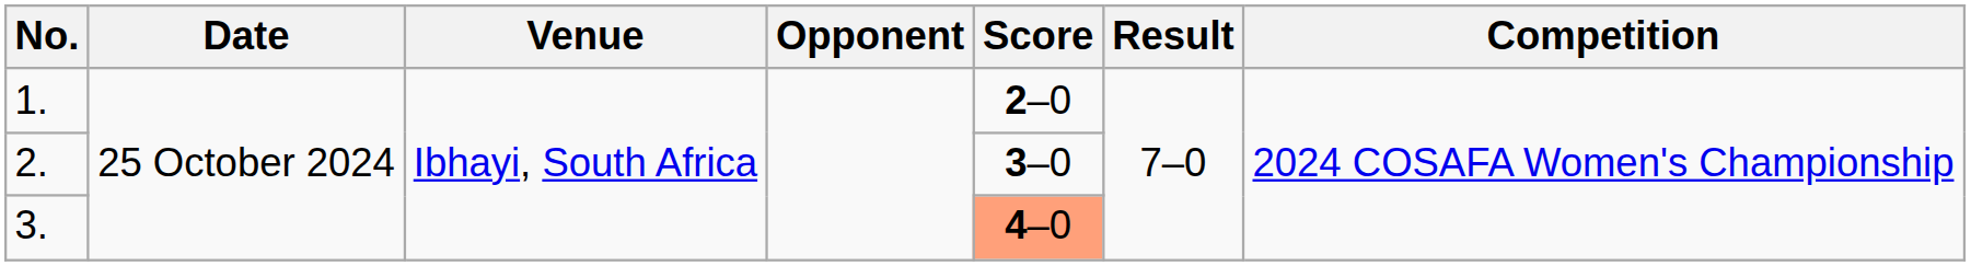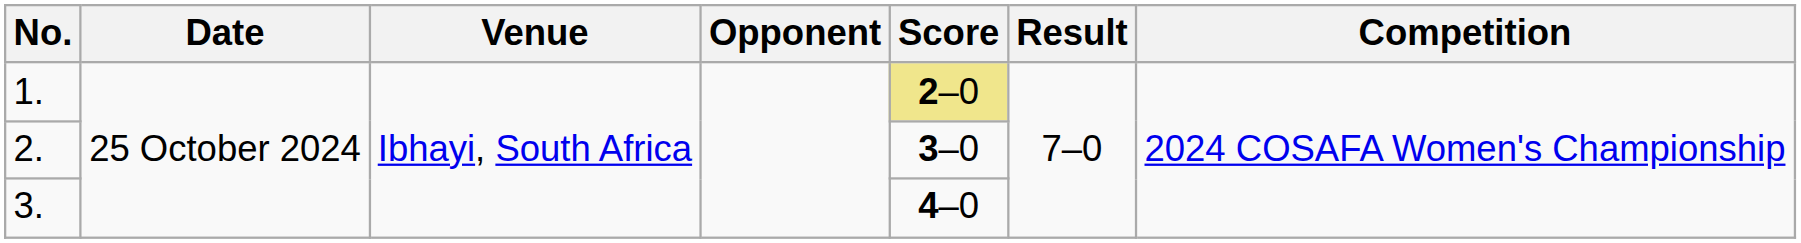 <table class="wikitable">
 <tr>
 <th>No.</th>
 <th>Date</th>
 <th>Venue</th>
 <th>Opponent</th>
 <th>Score</th>
 <th>Result</th>
 <th>Competition</th>
 </tr>
 <tr>
 <td>1.</td>
 <td rowspan=3>25 October 2024</td>
 <td rowspan=3><a href='#'>Ibhayi</a>, <a href='#'>South Africa</a></td>
 <td rowspan=3></td>
-<td align=center><strong>2</strong>–0</td>
+<td align=center style="background: khaki;"><strong>2</strong>–0</td>
 <td align=center rowspan=3>7–0</td>
 <td rowspan=3><a href='#'>2024 COSAFA Women's Championship</a></td>
 </tr>
 <tr>
 <td>2.</td>
 <td align=center><strong>3</strong>–0</td>
 </tr>
 <tr>
 <td>3.</td>
-<td align=center style="background: lightsalmon;"><strong>4</strong>–0</td>
+<td align=center><strong>4</strong>–0</td>
 </tr>
 </table>
